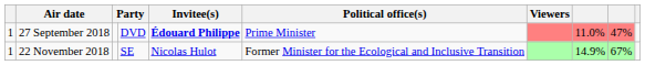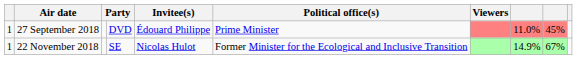 <table class="wikitable" style="font-size:100%;">
 <tr>
 <th></th>
 <th>Air date</th>
 <th colspan=2>Party</th>
 <th>Invitee(s)</th>
 <th>Political office(s)</th>
 <th>Viewers</th>
 <th></th>
 <th></th>
 <th></th>
 </tr>
 <tr>
 <td align="center">1</td>
 <td>27 September 2018</td>
 <td style="background-color:"></td>
 <td><a href='#'>DVD</a></td>
-<td><strong><a href='#'>Édouard Philippe</a></strong></td>
+<td><a href='#'>Édouard Philippe</a></td>
 <td><a href='#'>Prime Minister</a></td>
 <td bgcolor="#ff8080"></td>
 <td bgcolor="#ff8080">11.0%</td>
-<td bgcolor="#ff8080">47%</td>
+<td bgcolor="#ff8080">45%</td>
 <td></td>
 </tr>
 <tr>
 <td align="center">1</td>
 <td>22 November 2018</td>
 <td style="background-color:"></td>
 <td><a href='#'>SE</a></td>
 <td><a href='#'>Nicolas Hulot</a></td>
 <td>Former <a href='#'>Minister for the Ecological and Inclusive Transition</a></td>
 <td bgcolor="#aaffaa"></td>
 <td bgcolor="#aaffaa">14.9%</td>
 <td bgcolor="#aaffaa">67%</td>
 <td></td>
 </tr>
 </table>
